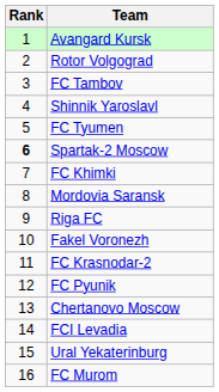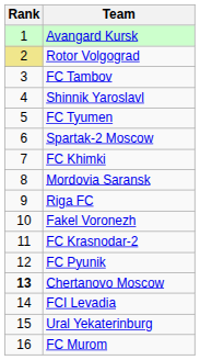 <table class="wikitable">
 <tr>
 <th style="width: 40px;">Rank</th>
 <th style="width: 180px;">Team</th>
 </tr>
 <tr style="background:#CCFFCC;">
 <td style="text-align: center;">1</td>
 <td> <a href='#'>Avangard Kursk</a></td>
 </tr>
 <tr>
-<td style="text-align: center;">2</td>
+<td style="background: khaki; text-align: center;">2</td>
 <td> <a href='#'>Rotor Volgograd</a></td>
 </tr>
 <tr>
 <td style="text-align: center;">3</td>
 <td> <a href='#'>FC Tambov</a></td>
 </tr>
 <tr>
 <td style="text-align: center;">4</td>
 <td> <a href='#'>Shinnik Yaroslavl</a></td>
 </tr>
 <tr>
 <td style="text-align: center;">5</td>
 <td> <a href='#'>FC Tyumen</a></td>
 </tr>
 <tr>
-<td style="text-align: center;"><strong>6</strong></td>
+<td style="text-align: center;">6</td>
 <td> <a href='#'>Spartak-2 Moscow</a></td>
 </tr>
 <tr>
 <td style="text-align: center;">7</td>
 <td> <a href='#'>FC Khimki</a></td>
 </tr>
 <tr>
 <td style="text-align: center;">8</td>
 <td> <a href='#'>Mordovia Saransk</a></td>
 </tr>
 <tr>
 <td style="text-align: center;">9</td>
 <td> <a href='#'>Riga FC</a></td>
 </tr>
 <tr>
 <td style="text-align: center;">10</td>
 <td> <a href='#'>Fakel Voronezh</a></td>
 </tr>
 <tr>
 <td style="text-align: center;">11</td>
 <td> <a href='#'>FC Krasnodar-2</a></td>
 </tr>
 <tr>
 <td style="text-align: center;">12</td>
 <td> <a href='#'>FC Pyunik</a></td>
 </tr>
 <tr>
-<td style="text-align: center;">13</td>
+<td style="text-align: center;"><strong>13</strong></td>
 <td> <a href='#'>Chertanovo Moscow</a></td>
 </tr>
 <tr>
 <td style="text-align: center;">14</td>
 <td> <a href='#'>FCI Levadia</a></td>
 </tr>
 <tr>
 <td style="text-align: center;">15</td>
 <td> <a href='#'>Ural Yekaterinburg</a></td>
 </tr>
 <tr>
 <td style="text-align: center;">16</td>
 <td> <a href='#'>FC Murom</a></td>
 </tr>
 </table>
